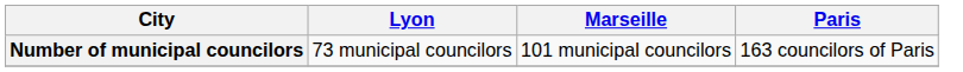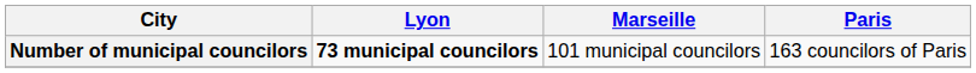 <table class="wikitable" align="center">
 <tr align="center">
 <th>City</th>
 <th><a href='#'>Lyon</a></th>
 <th><a href='#'>Marseille</a></th>
 <th><a href='#'>Paris</a></th>
 </tr>
 <tr>
 <th>Number of municipal councilors</th>
-<td>73 municipal councilors</td>
+<td><strong>73 municipal councilors</strong></td>
 <td>101 municipal councilors</td>
 <td>163 councilors of Paris</td>
 </tr>
 <tr>
 </tr>
 </table>
